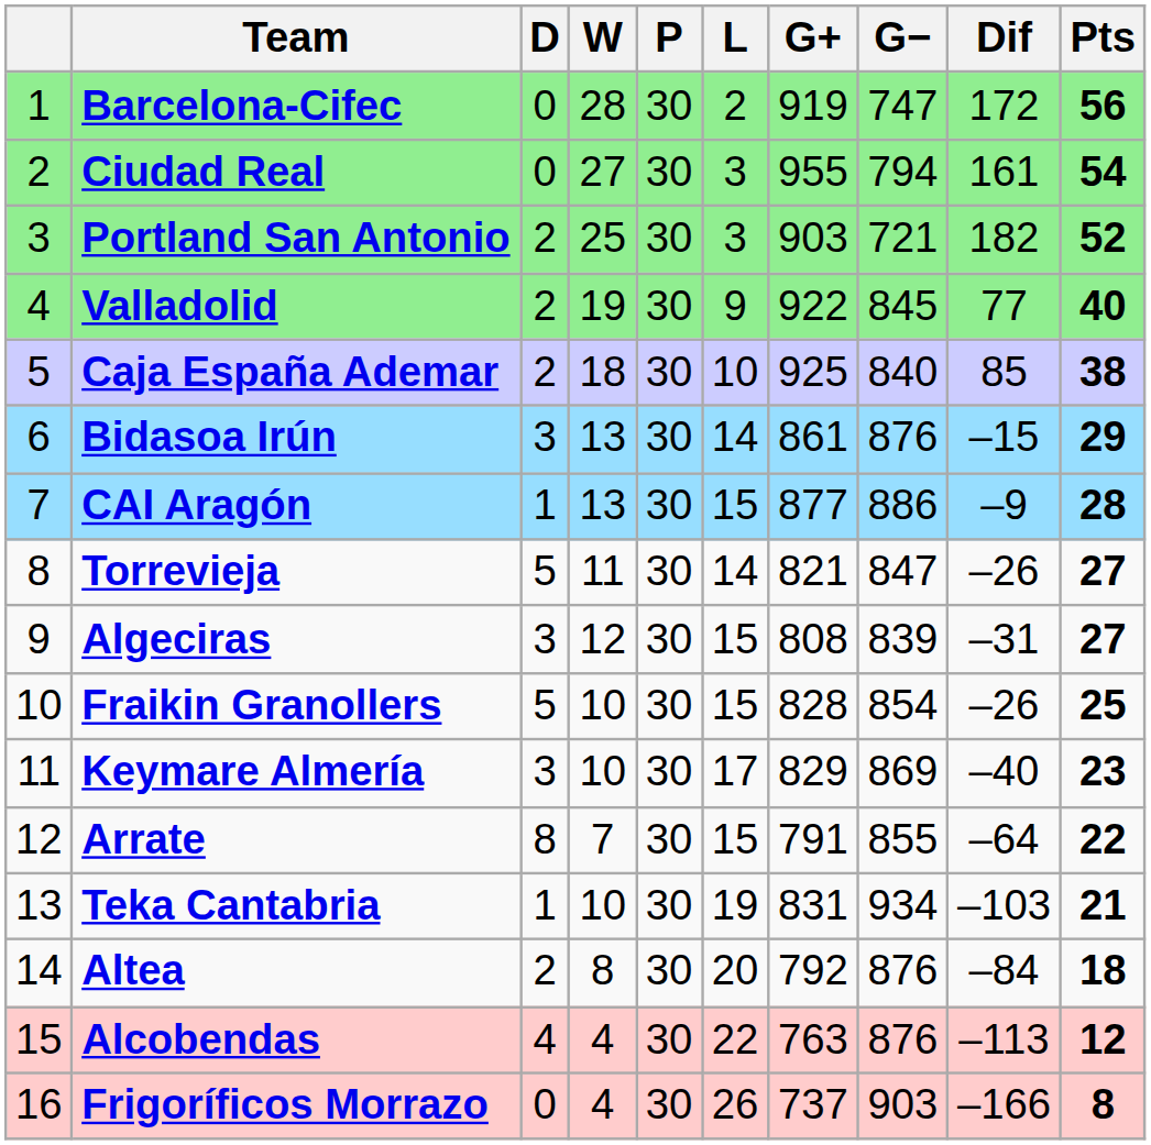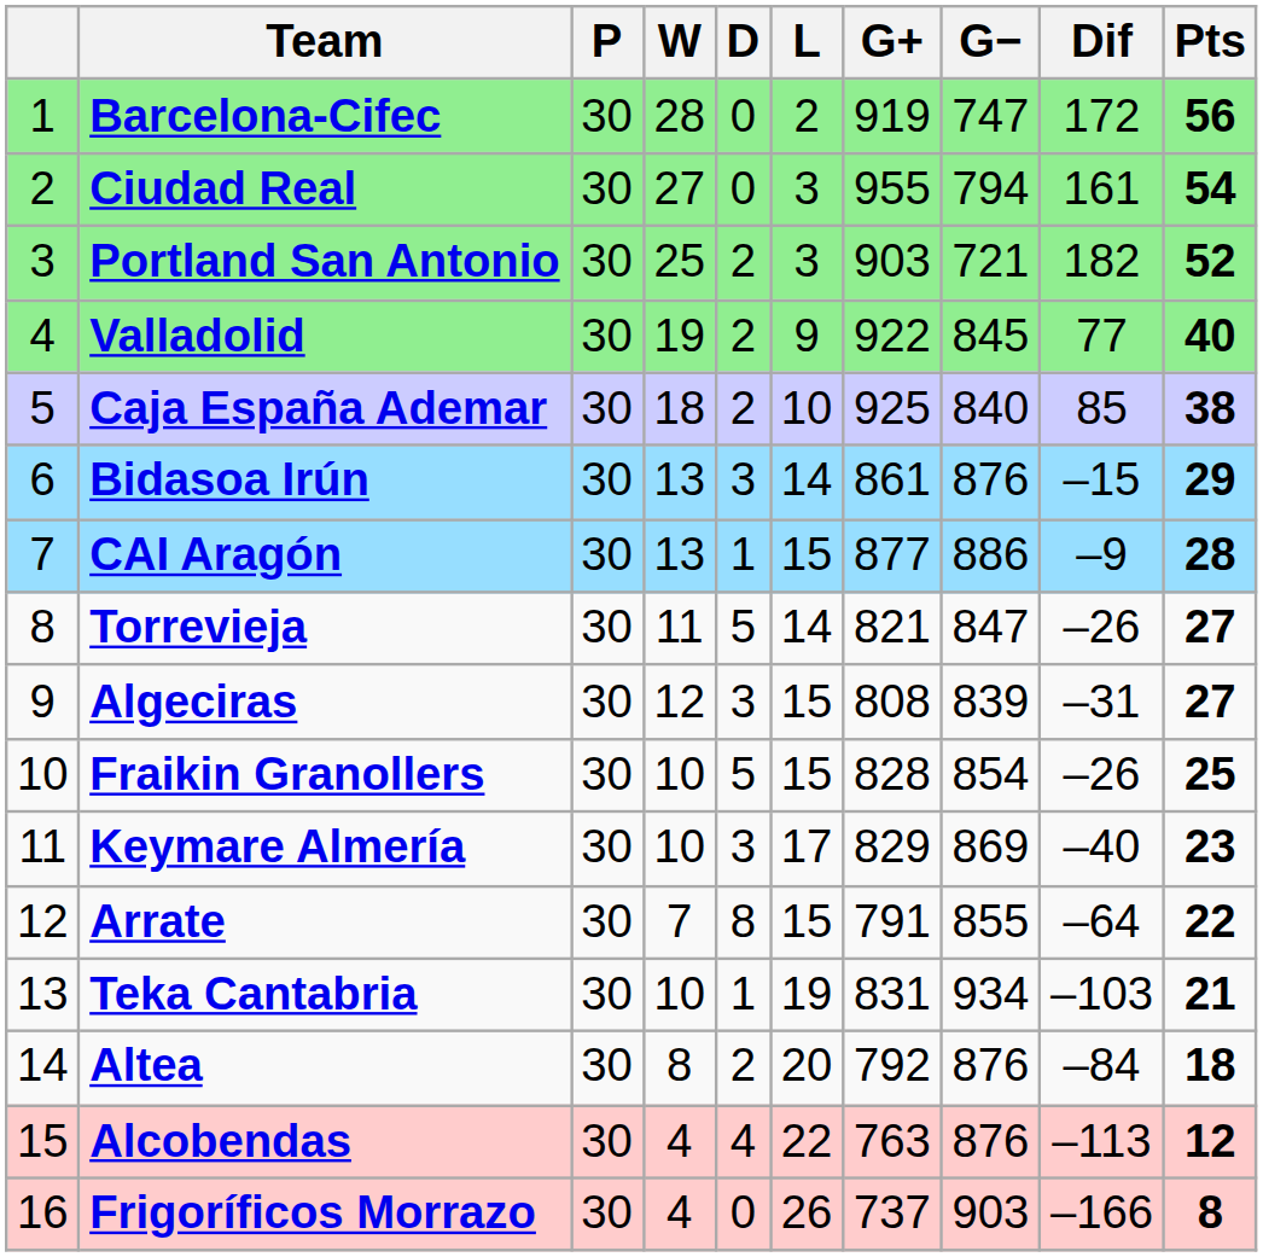 <table class="wikitable sortable" style="text-align: center;">
 <tr>
 <th align="center"></th>
 <th align="center">Team</th>
+<th align="center">P</th>
+<th align="center">W</th>
 <th align="center">D</th>
-<th align="center">W</th>
-<th align="center">P</th>
 <th align="center">L</th>
 <th align="center">G+</th>
 <th align="center">G−</th>
 <th align="center">Dif</th>
 <th align="center">Pts</th>
 </tr>
 <tr style="background: #90EE90;">
 <td>1</td>
 <td align="left"><strong><a href='#'>Barcelona-Cifec</a></strong></td>
+<td>30</td>
+<td>28</td>
 <td>0</td>
-<td>28</td>
-<td>30</td>
 <td>2</td>
 <td>919</td>
 <td>747</td>
 <td>172</td>
 <td><strong>56</strong></td>
 </tr>
 <tr style="background: #90EE90;">
 <td>2</td>
 <td align="left"><strong><a href='#'>Ciudad Real</a></strong></td>
+<td>30</td>
+<td>27</td>
 <td>0</td>
-<td>27</td>
-<td>30</td>
 <td>3</td>
 <td>955</td>
 <td>794</td>
 <td>161</td>
 <td><strong>54</strong></td>
 </tr>
 <tr style="background: #90EE90;">
 <td>3</td>
 <td align="left"><strong><a href='#'>Portland San Antonio</a></strong></td>
+<td>30</td>
+<td>25</td>
 <td>2</td>
-<td>25</td>
-<td>30</td>
 <td>3</td>
 <td>903</td>
 <td>721</td>
 <td>182</td>
 <td><strong>52</strong></td>
 </tr>
 <tr style="background: #90EE90;">
 <td>4</td>
 <td align="left"><strong><a href='#'>Valladolid</a></strong></td>
+<td>30</td>
+<td>19</td>
 <td>2</td>
-<td>19</td>
-<td>30</td>
 <td>9</td>
 <td>922</td>
 <td>845</td>
 <td>77</td>
 <td><strong>40</strong></td>
 </tr>
 <tr style="background: #ccccff;">
 <td>5</td>
 <td align="left"><strong><a href='#'>Caja España Ademar</a></strong></td>
+<td>30</td>
+<td>18</td>
 <td>2</td>
-<td>18</td>
-<td>30</td>
 <td>10</td>
 <td>925</td>
 <td>840</td>
 <td>85</td>
 <td><strong>38</strong></td>
 </tr>
 <tr style="background: #97DEFF;">
 <td>6</td>
 <td align="left"><strong><a href='#'>Bidasoa Irún</a></strong></td>
+<td>30</td>
+<td>13</td>
 <td>3</td>
-<td>13</td>
-<td>30</td>
 <td>14</td>
 <td>861</td>
 <td>876</td>
 <td>–15</td>
 <td><strong>29</strong></td>
 </tr>
 <tr style="background: #97DEFF;">
 <td>7</td>
 <td align="left"><strong><a href='#'>CAI Aragón</a></strong></td>
+<td>30</td>
+<td>13</td>
 <td>1</td>
-<td>13</td>
-<td>30</td>
 <td>15</td>
 <td>877</td>
 <td>886</td>
 <td>–9</td>
 <td><strong>28</strong></td>
 </tr>
 <tr style="background:">
 <td>8</td>
 <td align="left"><strong><a href='#'>Torrevieja</a></strong></td>
+<td>30</td>
+<td>11</td>
 <td>5</td>
-<td>11</td>
-<td>30</td>
 <td>14</td>
 <td>821</td>
 <td>847</td>
 <td>–26</td>
 <td><strong>27</strong></td>
 </tr>
 <tr style="background:">
 <td>9</td>
 <td align="left"><strong><a href='#'>Algeciras</a></strong></td>
+<td>30</td>
+<td>12</td>
 <td>3</td>
-<td>12</td>
-<td>30</td>
 <td>15</td>
 <td>808</td>
 <td>839</td>
 <td>–31</td>
 <td><strong>27</strong></td>
 </tr>
 <tr style="background:">
 <td>10</td>
 <td align="left"><strong><a href='#'>Fraikin Granollers</a></strong></td>
+<td>30</td>
+<td>10</td>
 <td>5</td>
-<td>10</td>
-<td>30</td>
 <td>15</td>
 <td>828</td>
 <td>854</td>
 <td>–26</td>
 <td><strong>25</strong></td>
 </tr>
 <tr style="background:">
 <td>11</td>
 <td align="left"><strong><a href='#'>Keymare Almería</a></strong></td>
+<td>30</td>
+<td>10</td>
 <td>3</td>
-<td>10</td>
-<td>30</td>
 <td>17</td>
 <td>829</td>
 <td>869</td>
 <td>–40</td>
 <td><strong>23</strong></td>
 </tr>
 <tr style="background:">
 <td>12</td>
 <td align="left"><strong><a href='#'>Arrate</a></strong></td>
+<td>30</td>
+<td>7</td>
 <td>8</td>
-<td>7</td>
-<td>30</td>
 <td>15</td>
 <td>791</td>
 <td>855</td>
 <td>–64</td>
 <td><strong>22</strong></td>
 </tr>
 <tr style="background:">
 <td>13</td>
 <td align="left"><strong><a href='#'>Teka Cantabria</a></strong></td>
+<td>30</td>
+<td>10</td>
 <td>1</td>
-<td>10</td>
-<td>30</td>
 <td>19</td>
 <td>831</td>
 <td>934</td>
 <td>–103</td>
 <td><strong>21</strong></td>
 </tr>
 <tr style="background:">
 <td>14</td>
 <td align="left"><strong><a href='#'>Altea</a></strong></td>
+<td>30</td>
+<td>8</td>
 <td>2</td>
-<td>8</td>
-<td>30</td>
 <td>20</td>
 <td>792</td>
 <td>876</td>
 <td>–84</td>
 <td><strong>18</strong></td>
 </tr>
 <tr style="background: #FFCCCC;">
 <td>15</td>
 <td align="left"><strong><a href='#'>Alcobendas</a></strong></td>
+<td>30</td>
 <td>4</td>
 <td>4</td>
-<td>30</td>
 <td>22</td>
 <td>763</td>
 <td>876</td>
 <td>–113</td>
 <td><strong>12</strong></td>
 </tr>
 <tr style="background: #FFCCCC;">
 <td>16</td>
 <td align="left"><strong><a href='#'>Frigoríficos Morrazo</a></strong></td>
+<td>30</td>
+<td>4</td>
 <td>0</td>
-<td>4</td>
-<td>30</td>
 <td>26</td>
 <td>737</td>
 <td>903</td>
 <td>–166</td>
 <td><strong>8</strong></td>
 </tr>
 </table>
